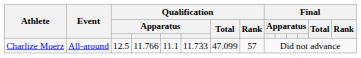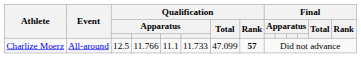 <table class="wikitable" style="font-size:90%">
 <tr>
 <th rowspan=3>Athlete</th>
 <th rowspan=3>Event</th>
 <th colspan=6>Qualification</th>
 <th colspan=6>Final</th>
 </tr>
 <tr style=font-size:95%>
 <th colspan=4>Apparatus</th>
 <th rowspan=2>Total</th>
 <th rowspan=2>Rank</th>
 <th colspan=4>Apparatus</th>
 <th rowspan=2>Total</th>
 <th rowspan=2>Rank</th>
 </tr>
 <tr style=font-size:95%>
 <th></th>
 <th></th>
 <th></th>
 <th></th>
 <th></th>
 <th></th>
 <th></th>
 <th></th>
 </tr>
 <tr align=center>
 <td align=left><a href='#'>Charlize Moerz</a></td>
 <td align=left><a href='#'>All-around</a></td>
 <td>12.5</td>
 <td>11.766</td>
 <td>11.1</td>
 <td>11.733</td>
 <td>47.099</td>
-<td>57</td>
+<td><strong>57</strong></td>
 <td colspan="6">Did not advance</td>
 </tr>
 </table>
